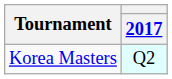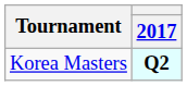 <table class="wikitable" style="font-size: 90%; text-align:center">
 <tr>
 <th rowspan="2">Tournament</th>
 <th></th>
 </tr>
 <tr>
 <th><a href='#'>2017</a></th>
 </tr>
 <tr>
 <td align=left><a href='#'>Korea Masters</a></td>
-<td bgcolor=E0FFFF>Q2</td>
+<td bgcolor=E0FFFF><strong>Q2</strong></td>
 </tr>
 </table>
